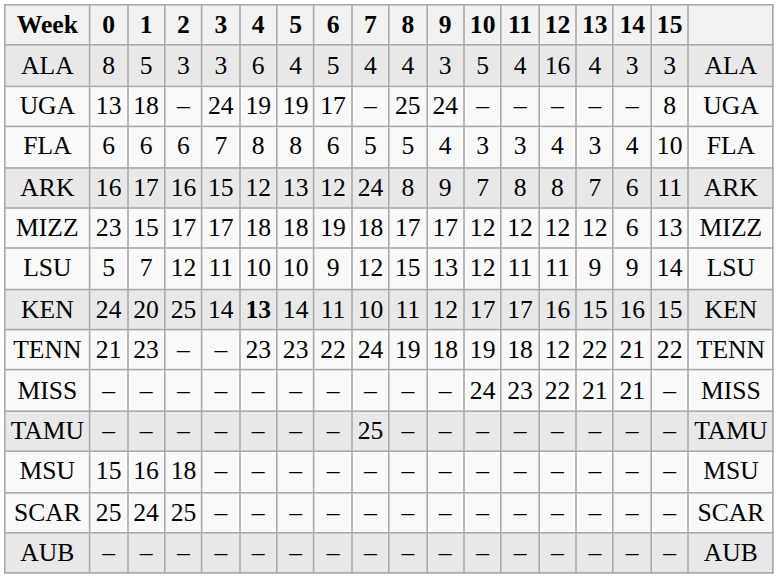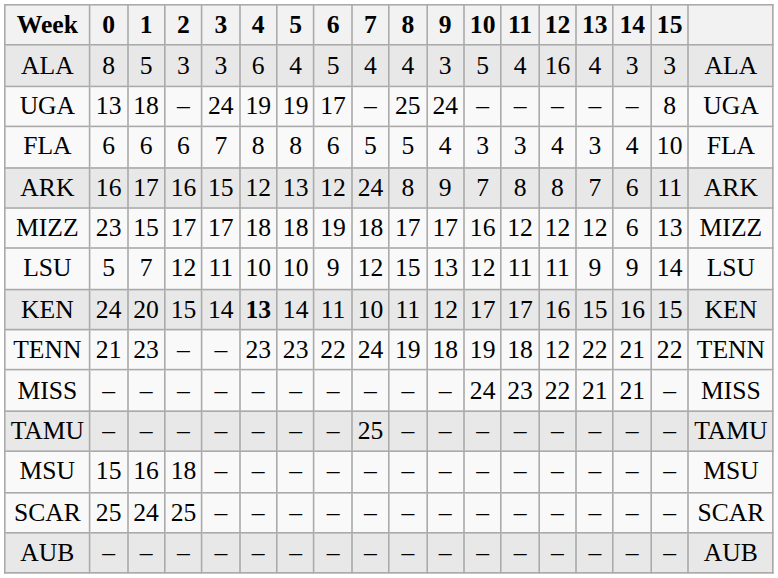 <table class="wikitable sortable" style="text-align:center">
 <tr>
 <th>Week</th>
 <th>0</th>
 <th>1</th>
 <th>2</th>
 <th>3</th>
 <th>4</th>
 <th>5</th>
 <th>6</th>
 <th>7</th>
 <th>8</th>
 <th>9</th>
 <th>10</th>
 <th>11</th>
 <th>12</th>
 <th>13</th>
 <th>14</th>
 <th>15</th>
 <th class=unsortable></th>
 </tr>
 <tr style="background-color:#E8E8E8">
 <td>ALA</td>
 <td>8</td>
 <td>5</td>
 <td>3</td>
 <td>3</td>
 <td>6</td>
 <td>4</td>
 <td>5</td>
 <td>4</td>
 <td>4</td>
 <td>3</td>
 <td>5</td>
 <td>4</td>
 <td>16</td>
 <td>4</td>
 <td>3</td>
 <td>3</td>
 <td>ALA</td>
 </tr>
 <tr>
 <td data-sort-value=G>UGA</td>
 <td>13</td>
 <td>18</td>
 <td data-sort-value=26>–</td>
 <td>24</td>
 <td>19</td>
 <td>19</td>
 <td>17</td>
 <td data-sort-value=26>–</td>
 <td>25</td>
 <td>24</td>
 <td data-sort-value=26>–</td>
 <td data-sort-value=26>–</td>
 <td data-sort-value=26>–</td>
 <td data-sort-value=26>–</td>
 <td data-sort-value=26>–</td>
 <td>8</td>
 <td>UGA</td>
 </tr>
 <tr>
 <td>FLA</td>
 <td>6</td>
 <td>6</td>
 <td>6</td>
 <td>7</td>
 <td>8</td>
 <td>8</td>
 <td>6</td>
 <td>5</td>
 <td>5</td>
 <td>4</td>
 <td>3</td>
 <td>3</td>
 <td>4</td>
 <td>3</td>
 <td>4</td>
 <td>10</td>
 <td>FLA</td>
 </tr>
 <tr style="background-color:#E8E8E8">
 <td>ARK</td>
 <td>16</td>
 <td>17</td>
 <td>16</td>
 <td>15</td>
 <td>12</td>
 <td>13</td>
 <td>12</td>
 <td>24</td>
 <td>8</td>
 <td>9</td>
 <td>7</td>
 <td>8</td>
 <td>8</td>
 <td>7</td>
 <td>6</td>
 <td>11</td>
 <td>ARK</td>
 </tr>
 <tr>
 <td data-sort-value=MO>MIZZ</td>
 <td>23</td>
 <td>15</td>
 <td>17</td>
 <td>17</td>
 <td>18</td>
 <td>18</td>
 <td>19</td>
 <td>18</td>
 <td>17</td>
 <td>17</td>
-<td>12</td>
+<td>16</td>
 <td>12</td>
 <td>12</td>
 <td>12</td>
 <td>6</td>
 <td>13</td>
 <td>MIZZ</td>
 </tr>
 <tr>
 <td>LSU</td>
 <td>5</td>
 <td>7</td>
 <td>12</td>
 <td>11</td>
 <td>10</td>
 <td>10</td>
 <td>9</td>
 <td>12</td>
 <td>15</td>
 <td>13</td>
 <td>12</td>
 <td>11</td>
 <td>11</td>
 <td>9</td>
 <td>9</td>
 <td>14</td>
 <td>LSU</td>
 </tr>
 <tr style="background-color:#E8E8E8">
 <td>KEN</td>
 <td>24</td>
 <td>20</td>
-<td>25</td>
+<td>15</td>
 <td>14</td>
 <td><strong>13</strong></td>
 <td>14</td>
 <td>11</td>
 <td>10</td>
 <td>11</td>
 <td>12</td>
 <td>17</td>
 <td>17</td>
 <td>16</td>
 <td>15</td>
 <td>16</td>
 <td>15</td>
 <td>KEN</td>
 </tr>
 <tr>
 <td>TENN</td>
 <td>21</td>
 <td>23</td>
 <td data-sort-value=27>–</td>
 <td data-sort-value=27>–</td>
 <td>23</td>
 <td>23</td>
 <td>22</td>
 <td>24</td>
 <td>19</td>
 <td>18</td>
 <td>19</td>
 <td>18</td>
 <td>12</td>
 <td>22</td>
 <td>21</td>
 <td>22</td>
 <td>TENN</td>
 </tr>
 <tr>
 <td data-sort-value=O>MISS</td>
 <td data-sort-value=28>–</td>
 <td data-sort-value=28>–</td>
 <td data-sort-value=28>–</td>
 <td data-sort-value=28>–</td>
 <td data-sort-value=28>–</td>
 <td data-sort-value=28>–</td>
 <td data-sort-value=28>–</td>
 <td data-sort-value=28>–</td>
 <td data-sort-value=28>–</td>
 <td data-sort-value=28>–</td>
 <td>24</td>
 <td>23</td>
 <td>22</td>
 <td>21</td>
 <td>21</td>
 <td data-sort-value=28>–</td>
 <td>MISS</td>
 </tr>
 <tr style="background-color:#E8E8E8">
 <td data-sort-value=TEX>TAMU</td>
 <td data-sort-value=29>–</td>
 <td data-sort-value=29>–</td>
 <td data-sort-value=29>–</td>
 <td data-sort-value=29>–</td>
 <td data-sort-value=29>–</td>
 <td data-sort-value=29>–</td>
 <td data-sort-value=29>–</td>
 <td>25</td>
 <td data-sort-value=29>–</td>
 <td data-sort-value=29>–</td>
 <td data-sort-value=29>–</td>
 <td data-sort-value=29>–</td>
 <td data-sort-value=29>–</td>
 <td data-sort-value=29>–</td>
 <td data-sort-value=29>–</td>
 <td data-sort-value=29>–</td>
 <td>TAMU</td>
 </tr>
 <tr>
 <td>MSU</td>
 <td>15</td>
 <td>16</td>
 <td>18</td>
 <td data-sort-value=30>–</td>
 <td data-sort-value=30>–</td>
 <td data-sort-value=30>–</td>
 <td data-sort-value=30>–</td>
 <td data-sort-value=30>–</td>
 <td data-sort-value=30>–</td>
 <td data-sort-value=30>–</td>
 <td data-sort-value=30>–</td>
 <td data-sort-value=30>–</td>
 <td data-sort-value=30>–</td>
 <td data-sort-value=30>–</td>
 <td data-sort-value=30>–</td>
 <td data-sort-value=30>–</td>
 <td>MSU</td>
 </tr>
 <tr>
 <td>SCAR</td>
 <td>25</td>
 <td>24</td>
 <td>25</td>
 <td data-sort-value=31>–</td>
 <td data-sort-value=31>–</td>
 <td data-sort-value=31>–</td>
 <td data-sort-value=31>–</td>
 <td data-sort-value=31>–</td>
 <td data-sort-value=31>–</td>
 <td data-sort-value=31>–</td>
 <td data-sort-value=31>–</td>
 <td data-sort-value=31>–</td>
 <td data-sort-value=31>–</td>
 <td data-sort-value=31>–</td>
 <td data-sort-value=31>–</td>
 <td data-sort-value=31>–</td>
 <td>SCAR</td>
 </tr>
 <tr style="background-color:#E8E8E8">
 <td>AUB</td>
 <td data-sort-value=32>–</td>
 <td data-sort-value=32>–</td>
 <td data-sort-value=32>–</td>
 <td data-sort-value=32>–</td>
 <td data-sort-value=32>–</td>
 <td data-sort-value=32>–</td>
 <td data-sort-value=32>–</td>
 <td data-sort-value=32>–</td>
 <td data-sort-value=32>–</td>
 <td data-sort-value=32>–</td>
 <td data-sort-value=32>–</td>
 <td data-sort-value=32>–</td>
 <td data-sort-value=32>–</td>
 <td data-sort-value=32>–</td>
 <td data-sort-value=32>–</td>
 <td data-sort-value=32>–</td>
 <td>AUB</td>
 </tr>
 </table>
